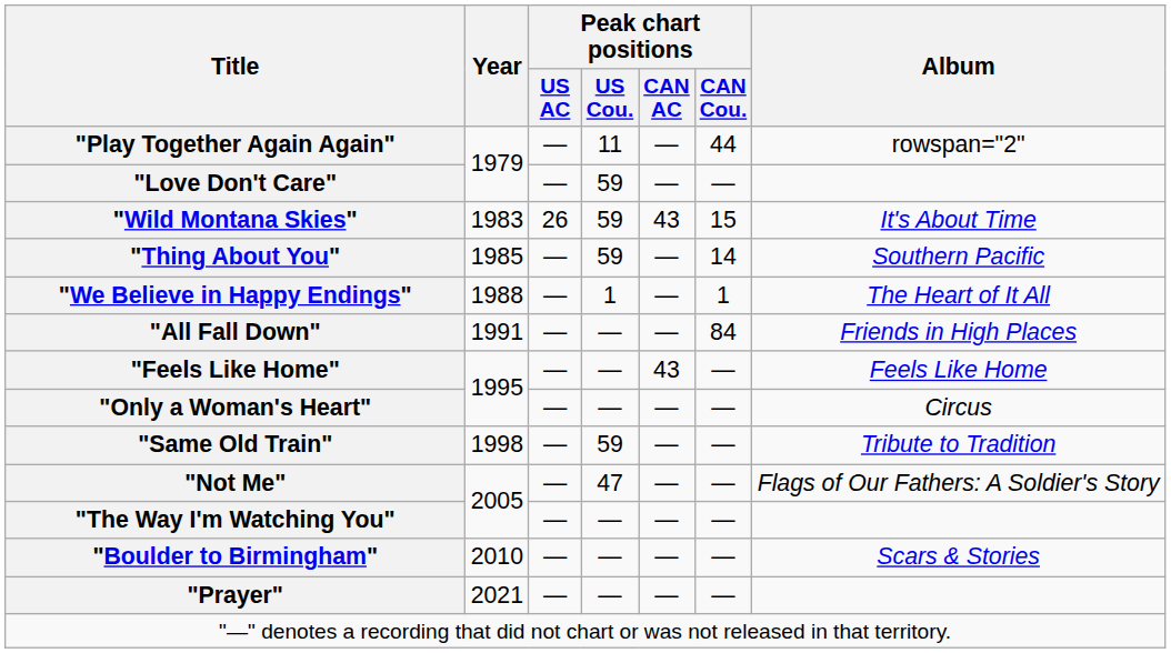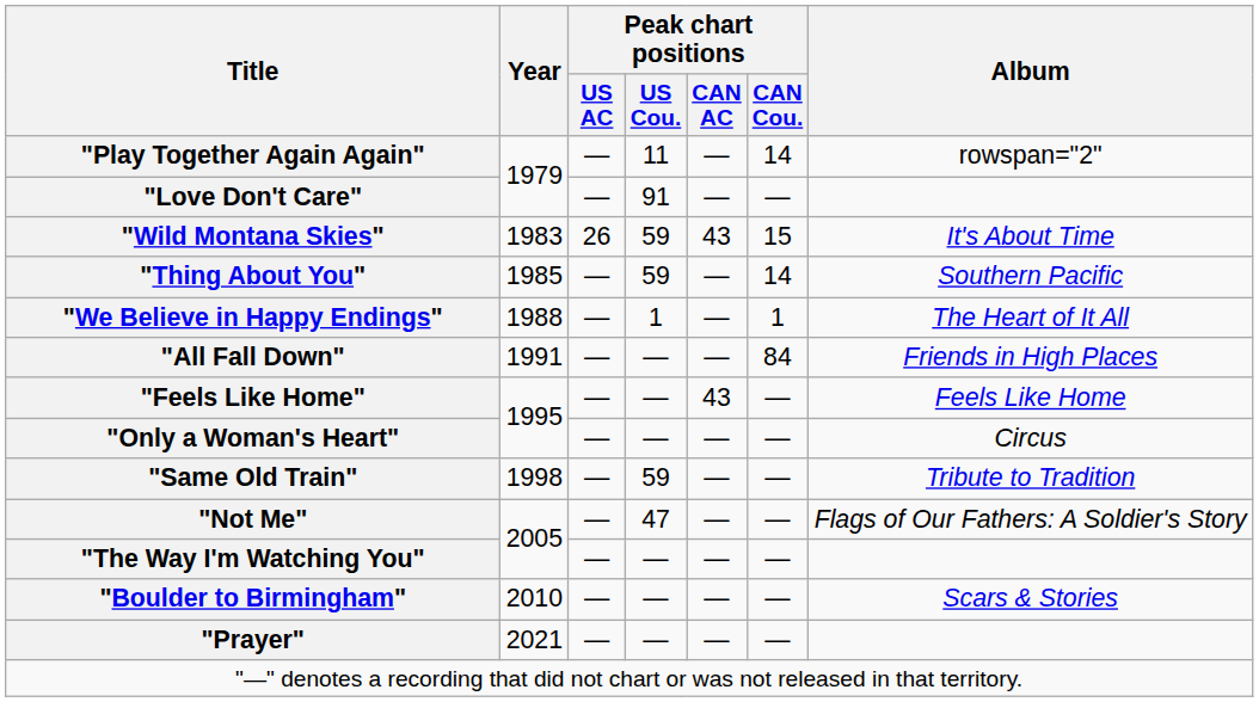 <table class="wikitable plainrowheaders" style="text-align:center;" border="1">
 <tr>
 <th scope="col" rowspan="2" style="width:19em;">Title</th>
 <th scope="col" rowspan="2">Year</th>
 <th scope="col" colspan="4">Peak chart positions</th>
 <th scope="col" rowspan="2">Album</th>
 </tr>
 <tr>
 <th scope="col" style="width:2em;font-size:90%;"><a href='#'>US<br>AC</a><br></th>
 <th scope="col" style="width:2em;font-size:90%;"><a href='#'>US<br>Cou.</a><br></th>
 <th scope="col" style="width:2em;font-size:90%;"><a href='#'>CAN<br>AC</a><br></th>
 <th scope="col" style="width:2em;font-size:90%;"><a href='#'>CAN<br>Cou.</a><br></th>
 </tr>
 <tr>
 <th scope="row">"Play Together Again Again"<br></th>
 <td rowspan="2">1979</td>
 <td>—</td>
 <td>11</td>
 <td>—</td>
-<td>44</td>
+<td>14</td>
 <td>rowspan="2" </td>
 </tr>
 <tr>
 <th scope="row">"Love Don't Care"<br></th>
 <td>—</td>
-<td>59</td>
+<td>91</td>
 <td>—</td>
 <td>—</td>
 </tr>
 <tr>
 <th scope="row">"<a href='#'>Wild Montana Skies</a>"<br></th>
 <td>1983</td>
 <td>26</td>
 <td>59</td>
 <td>43</td>
 <td>15</td>
 <td><em><a href='#'>It's About Time</a></em></td>
 </tr>
 <tr>
 <th scope="row">"<a href='#'>Thing About You</a>"<br></th>
 <td>1985</td>
 <td>—</td>
 <td>59</td>
 <td>—</td>
 <td>14</td>
 <td><em><a href='#'>Southern Pacific</a></em></td>
 </tr>
 <tr>
 <th scope="row">"<a href='#'>We Believe in Happy Endings</a>"<br></th>
 <td>1988</td>
 <td>—</td>
 <td>1</td>
 <td>—</td>
 <td>1</td>
 <td><em><a href='#'>The Heart of It All</a></em></td>
 </tr>
 <tr>
 <th scope="row">"All Fall Down"<br></th>
 <td>1991</td>
 <td>—</td>
 <td>—</td>
 <td>—</td>
 <td>84</td>
 <td><em><a href='#'>Friends in High Places</a></em></td>
 </tr>
 <tr>
 <th scope="row">"Feels Like Home"<br></th>
 <td rowspan="2">1995</td>
 <td>—</td>
 <td>—</td>
 <td>43</td>
 <td>—</td>
 <td><em><a href='#'>Feels Like Home</a></em></td>
 </tr>
 <tr>
 <th scope="row">"Only a Woman's Heart"<br></th>
 <td>—</td>
 <td>—</td>
 <td>—</td>
 <td>—</td>
 <td><em>Circus</em></td>
 </tr>
 <tr>
 <th scope="row">"Same Old Train"<br></th>
 <td>1998</td>
 <td>—</td>
 <td>59</td>
 <td>—</td>
 <td>—</td>
 <td><em><a href='#'>Tribute to Tradition</a></em></td>
 </tr>
 <tr>
 <th scope="row">"Not Me"<br></th>
 <td rowspan="2">2005</td>
 <td>—</td>
 <td>47</td>
 <td>—</td>
 <td>—</td>
 <td><em>Flags of Our Fathers: A Soldier's Story</em></td>
 </tr>
 <tr>
 <th scope="row">"The Way I'm Watching You"<br></th>
 <td>—</td>
 <td>—</td>
 <td>—</td>
 <td>—</td>
 <td></td>
 </tr>
 <tr>
 <th scope="row">"<a href='#'>Boulder to Birmingham</a>"<br></th>
 <td>2010</td>
 <td>—</td>
 <td>—</td>
 <td>—</td>
 <td>—</td>
 <td><em><a href='#'>Scars & Stories</a></em></td>
 </tr>
 <tr>
 <th scope="row">"Prayer"<br></th>
 <td>2021</td>
 <td>—</td>
 <td>—</td>
 <td>—</td>
 <td>—</td>
 <td></td>
 </tr>
 <tr>
 <td colspan="7" style="font-size:90%">"—" denotes a recording that did not chart or was not released in that territory.</td>
 </tr>
 </table>
